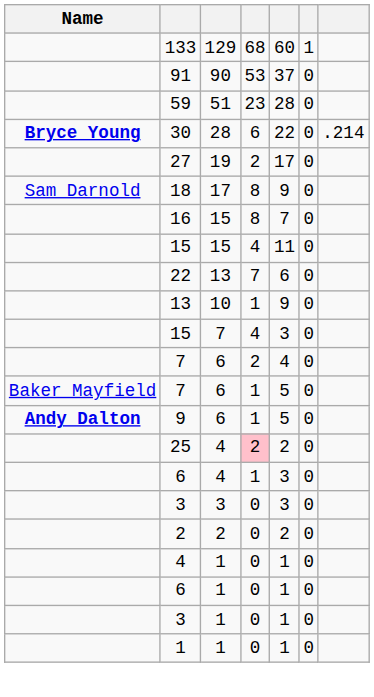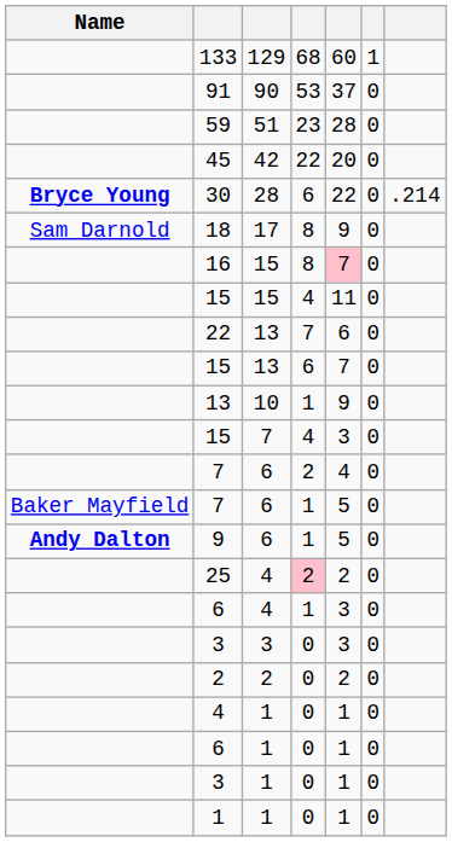 <table class="wikitable sortable" style="text-align:center">
 <tr>
 <th>Name</th>
 <th></th>
 <th></th>
 <th></th>
 <th></th>
 <th></th>
 <th></th>
 </tr>
 <tr>
 <td></td>
 <td>133</td>
 <td>129</td>
 <td>68</td>
 <td>60</td>
 <td>1</td>
 <td></td>
 </tr>
 <tr>
 <td></td>
 <td>91</td>
 <td>90</td>
 <td>53</td>
 <td>37</td>
 <td>0</td>
 <td></td>
 </tr>
 <tr>
 <td></td>
 <td>59</td>
 <td>51</td>
 <td>23</td>
 <td>28</td>
 <td>0</td>
 <td></td>
 </tr>
 <tr>
+<td></td>
+<td>45</td>
+<td>42</td>
+<td>22</td>
+<td>20</td>
+<td>0</td>
+<td></td>
+</tr>
+<tr>
 <td><strong><a href='#'>Bryce Young</a></strong></td>
 <td>30</td>
 <td>28</td>
 <td>6</td>
 <td>22</td>
 <td>0</td>
 <td>.214</td>
-</tr>
-<tr>
-<td></td>
-<td>27</td>
-<td>19</td>
-<td>2</td>
-<td>17</td>
-<td>0</td>
-<td></td>
 </tr>
 <tr>
 <td><a href='#'>Sam Darnold</a></td>
 <td>18</td>
 <td>17</td>
 <td>8</td>
 <td>9</td>
 <td>0</td>
 <td></td>
 </tr>
 <tr>
 <td></td>
 <td>16</td>
 <td>15</td>
 <td>8</td>
-<td>7</td>
+<td style="background: pink;">7</td>
 <td>0</td>
 <td></td>
 </tr>
 <tr>
 <td></td>
 <td>15</td>
 <td>15</td>
 <td>4</td>
 <td>11</td>
 <td>0</td>
 <td></td>
 </tr>
 <tr>
 <td></td>
 <td>22</td>
 <td>13</td>
 <td>7</td>
 <td>6</td>
+<td>0</td>
+<td></td>
+</tr>
+<tr>
+<td></td>
+<td>15</td>
+<td>13</td>
+<td>6</td>
+<td>7</td>
 <td>0</td>
 <td></td>
 </tr>
 <tr>
 <td></td>
 <td>13</td>
 <td>10</td>
 <td>1</td>
 <td>9</td>
 <td>0</td>
 <td></td>
 </tr>
 <tr>
 <td></td>
 <td>15</td>
 <td>7</td>
 <td>4</td>
 <td>3</td>
 <td>0</td>
 <td></td>
 </tr>
 <tr>
 <td></td>
 <td>7</td>
 <td>6</td>
 <td>2</td>
 <td>4</td>
 <td>0</td>
 <td></td>
 </tr>
 <tr>
 <td><a href='#'>Baker Mayfield</a></td>
 <td>7</td>
 <td>6</td>
 <td>1</td>
 <td>5</td>
 <td>0</td>
 <td></td>
 </tr>
 <tr>
 <td><strong><a href='#'>Andy Dalton</a></strong></td>
 <td>9</td>
 <td>6</td>
 <td>1</td>
 <td>5</td>
 <td>0</td>
 <td></td>
 </tr>
 <tr>
 <td></td>
 <td>25</td>
 <td>4</td>
 <td style="background: pink;">2</td>
 <td>2</td>
 <td>0</td>
 <td></td>
 </tr>
 <tr>
 <td></td>
 <td>6</td>
 <td>4</td>
 <td>1</td>
 <td>3</td>
 <td>0</td>
 <td></td>
 </tr>
 <tr>
 <td></td>
 <td>3</td>
 <td>3</td>
 <td>0</td>
 <td>3</td>
 <td>0</td>
 <td></td>
 </tr>
 <tr>
 <td></td>
 <td>2</td>
 <td>2</td>
 <td>0</td>
 <td>2</td>
 <td>0</td>
 <td></td>
 </tr>
 <tr>
 <td></td>
 <td>4</td>
 <td>1</td>
 <td>0</td>
 <td>1</td>
 <td>0</td>
 <td></td>
 </tr>
 <tr>
 <td></td>
 <td>6</td>
 <td>1</td>
 <td>0</td>
 <td>1</td>
 <td>0</td>
 <td></td>
 </tr>
 <tr>
 <td></td>
 <td>3</td>
 <td>1</td>
 <td>0</td>
 <td>1</td>
 <td>0</td>
 <td></td>
 </tr>
 <tr>
 <td></td>
 <td>1</td>
 <td>1</td>
 <td>0</td>
 <td>1</td>
 <td>0</td>
 <td></td>
 </tr>
 </table>
